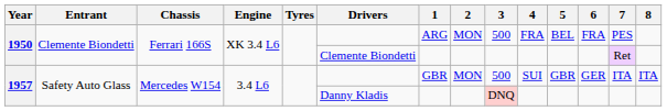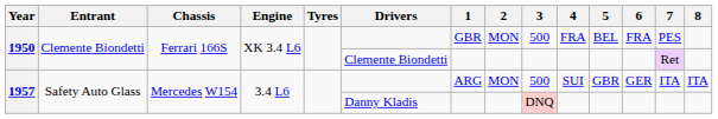 <table class="wikitable" style="text-align:center; font-size:85%">
 <tr>
 <th>Year</th>
 <th>Entrant</th>
 <th>Chassis</th>
 <th>Engine</th>
 <th>Tyres</th>
 <th>Drivers</th>
 <th>1</th>
 <th>2</th>
 <th>3</th>
 <th>4</th>
 <th>5</th>
 <th>6</th>
 <th>7</th>
 <th>8</th>
 </tr>
 <tr>
 <th rowspan="2"><a href='#'>1950</a></th>
 <td rowspan="2"><a href='#'>Clemente Biondetti</a></td>
 <td rowspan="2"><a href='#'>Ferrari</a> <a href='#'>166S</a></td>
 <td rowspan="2">XK 3.4 <a href='#'>L6</a></td>
 <td rowspan="2"></td>
 <td></td>
-<td><a href='#'>ARG</a></td>
+<td><a href='#'>GBR</a></td>
 <td><a href='#'>MON</a></td>
 <td><a href='#'>500</a></td>
 <td><a href='#'>FRA</a></td>
 <td><a href='#'>BEL</a></td>
 <td><a href='#'>FRA</a></td>
 <td><a href='#'>PES</a></td>
 <td></td>
 </tr>
 <tr>
 <td style="text-align:left"> <a href='#'>Clemente Biondetti</a></td>
 <td></td>
 <td></td>
 <td></td>
 <td></td>
 <td></td>
 <td></td>
 <td style="background:#EFCFFF">Ret</td>
 <td></td>
 </tr>
 <tr>
 <th rowspan="2"><a href='#'>1957</a></th>
 <td rowspan="2">Safety Auto Glass</td>
 <td rowspan="2"><a href='#'>Mercedes</a> <a href='#'>W154</a></td>
 <td rowspan="2">3.4 <a href='#'>L6</a></td>
 <td rowspan="2"></td>
 <td></td>
-<td><a href='#'>GBR</a></td>
+<td><a href='#'>ARG</a></td>
 <td><a href='#'>MON</a></td>
 <td><a href='#'>500</a></td>
 <td><a href='#'>SUI</a></td>
 <td><a href='#'>GBR</a></td>
 <td><a href='#'>GER</a></td>
 <td><a href='#'>ITA</a></td>
 <td><a href='#'>ITA</a></td>
 </tr>
 <tr>
 <td style="text-align:left"> <a href='#'>Danny Kladis</a></td>
 <td></td>
 <td></td>
 <td style="background:#FFCFCF">DNQ</td>
 <td></td>
 <td></td>
 <td></td>
 <td></td>
 <td></td>
 </tr>
 </table>
